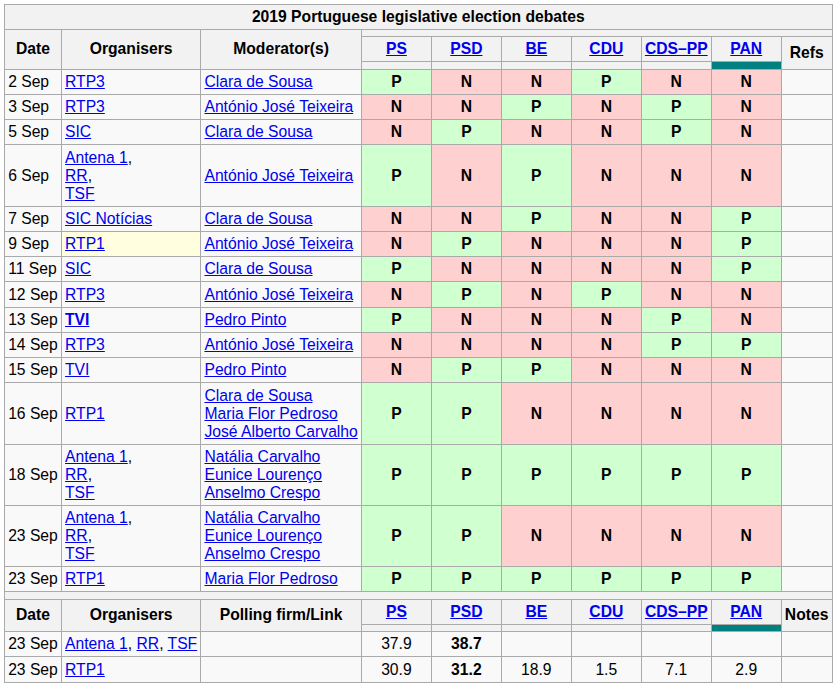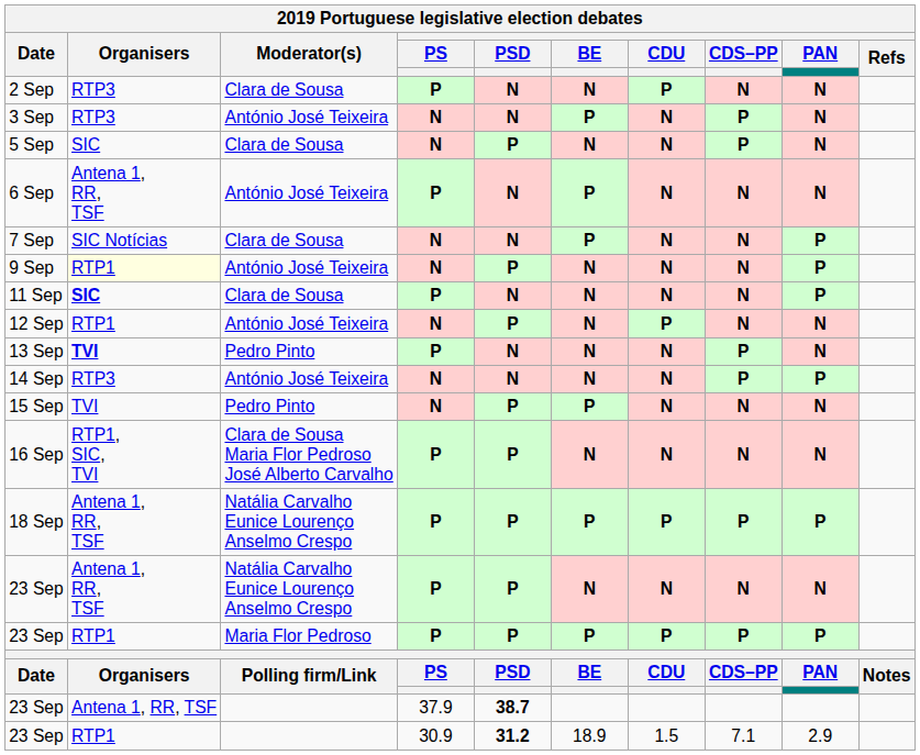 <table class="wikitable" style="font-size:98%; text-align:center;">
 <tr>
 <th colspan="22">2019 Portuguese legislative election debates</th>
 </tr>
 <tr>
 <th rowspan="3">Date</th>
 <th rowspan="3">Organisers</th>
 <th rowspan="3">Moderator(s)</th>
 <th colspan="19">      </th>
 </tr>
 <tr>
 <th scope="col" style="width:4em;"><a href='#'>PS</a><br></th>
 <th scope="col" style="width:4em;"><a href='#'>PSD</a><br></th>
 <th scope="col" style="width:4em;"><a href='#'>BE</a><br></th>
 <th scope="col" style="width:4em;"><a href='#'>CDU</a><br></th>
 <th scope="col" style="width:4em;"><a href='#'>CDS–PP</a><br></th>
 <th scope="col" style="width:4em;"><a href='#'>PAN</a><br></th>
 <th rowspan="2">Refs</th>
 </tr>
 <tr>
 <th style="background:"></th>
 <th style="background:"></th>
 <th style="background:"></th>
 <th style="background:"></th>
 <th style="background:"></th>
 <th style="background:Teal;"></th>
 </tr>
 <tr>
 <td style="white-space:nowrap; text-align:left;">2 Sep</td>
 <td style="white-space:nowrap; text-align:left;"><a href='#'>RTP3</a></td>
 <td style="white-space:nowrap; text-align:left;"><a href='#'>Clara de Sousa</a></td>
 <td style="background:#D0FFD0;"><strong>P</strong></td>
 <td style="background:#FFD0D0;"><strong>N</strong></td>
 <td style="background:#FFD0D0;"><strong>N</strong></td>
 <td style="background:#D0FFD0;"><strong>P</strong></td>
 <td style="background:#FFD0D0;"><strong>N</strong></td>
 <td style="background:#FFD0D0;"><strong>N</strong></td>
 <td></td>
 </tr>
 <tr>
 <td style="white-space:nowrap; text-align:left;">3 Sep</td>
 <td style="white-space:nowrap; text-align:left;"><a href='#'>RTP3</a></td>
 <td style="white-space:nowrap; text-align:left;"><a href='#'>António José Teixeira</a></td>
 <td style="background:#FFD0D0;"><strong>N</strong></td>
 <td style="background:#FFD0D0;"><strong>N</strong></td>
 <td style="background:#D0FFD0;"><strong>P</strong></td>
 <td style="background:#FFD0D0;"><strong>N</strong></td>
 <td style="background:#D0FFD0;"><strong>P</strong></td>
 <td style="background:#FFD0D0;"><strong>N</strong></td>
 <td></td>
 </tr>
 <tr>
 <td style="white-space:nowrap; text-align:left;">5 Sep</td>
 <td style="white-space:nowrap; text-align:left;"><a href='#'>SIC</a></td>
 <td style="white-space:nowrap; text-align:left;"><a href='#'>Clara de Sousa</a></td>
 <td style="background:#FFD0D0;"><strong>N</strong></td>
 <td style="background:#D0FFD0;"><strong>P</strong></td>
 <td style="background:#FFD0D0;"><strong>N</strong></td>
 <td style="background:#FFD0D0;"><strong>N</strong></td>
 <td style="background:#D0FFD0;"><strong>P</strong></td>
 <td style="background:#FFD0D0;"><strong>N</strong></td>
 <td></td>
 </tr>
 <tr>
 <td style="white-space:nowrap; text-align:left;">6 Sep</td>
 <td style="white-space:nowrap; text-align:left;"><a href='#'>Antena 1</a>,<br><a href='#'>RR</a>,<br><a href='#'>TSF</a></td>
 <td style="white-space:nowrap; text-align:left;"><a href='#'>António José Teixeira</a></td>
 <td style="background:#D0FFD0;"><strong>P</strong></td>
 <td style="background:#FFD0D0;"><strong>N</strong></td>
 <td style="background:#D0FFD0;"><strong>P</strong></td>
 <td style="background:#FFD0D0;"><strong>N</strong></td>
 <td style="background:#FFD0D0;"><strong>N</strong></td>
 <td style="background:#FFD0D0;"><strong>N</strong></td>
 <td></td>
 </tr>
 <tr>
 <td style="white-space:nowrap; text-align:left;">7 Sep</td>
 <td style="white-space:nowrap; text-align:left;"><a href='#'>SIC Notícias</a></td>
 <td style="white-space:nowrap; text-align:left;"><a href='#'>Clara de Sousa</a></td>
 <td style="background:#FFD0D0;"><strong>N</strong></td>
 <td style="background:#FFD0D0;"><strong>N</strong></td>
 <td style="background:#D0FFD0;"><strong>P</strong></td>
 <td style="background:#FFD0D0;"><strong>N</strong></td>
 <td style="background:#FFD0D0;"><strong>N</strong></td>
 <td style="background:#D0FFD0;"><strong>P</strong></td>
 <td></td>
 </tr>
 <tr>
 <td style="white-space:nowrap; text-align:left;">9 Sep</td>
 <td style="background: lightyellow; white-space:nowrap; text-align:left;"><a href='#'>RTP1</a></td>
 <td style="white-space:nowrap; text-align:left;"><a href='#'>António José Teixeira</a></td>
 <td style="background:#FFD0D0;"><strong>N</strong></td>
 <td style="background:#D0FFD0;"><strong>P</strong></td>
 <td style="background:#FFD0D0;"><strong>N</strong></td>
 <td style="background:#FFD0D0;"><strong>N</strong></td>
 <td style="background:#FFD0D0;"><strong>N</strong></td>
 <td style="background:#D0FFD0;"><strong>P</strong></td>
 <td></td>
 </tr>
 <tr>
 <td style="white-space:nowrap; text-align:left;">11 Sep</td>
-<td style="white-space:nowrap; text-align:left;"><a href='#'>SIC</a></td>
+<td style="white-space:nowrap; text-align:left;"><strong><a href='#'>SIC</a></strong></td>
 <td style="white-space:nowrap; text-align:left;"><a href='#'>Clara de Sousa</a></td>
 <td style="background:#D0FFD0;"><strong>P</strong></td>
 <td style="background:#FFD0D0;"><strong>N</strong></td>
 <td style="background:#FFD0D0;"><strong>N</strong></td>
 <td style="background:#FFD0D0;"><strong>N</strong></td>
 <td style="background:#FFD0D0;"><strong>N</strong></td>
 <td style="background:#D0FFD0;"><strong>P</strong></td>
 <td></td>
 </tr>
 <tr>
 <td style="white-space:nowrap; text-align:left;">12 Sep</td>
-<td style="white-space:nowrap; text-align:left;"><a href='#'>RTP3</a></td>
+<td style="white-space:nowrap; text-align:left;"><a href='#'>RTP1</a></td>
 <td style="white-space:nowrap; text-align:left;"><a href='#'>António José Teixeira</a></td>
 <td style="background:#FFD0D0;"><strong>N</strong></td>
 <td style="background:#D0FFD0;"><strong>P</strong></td>
 <td style="background:#FFD0D0;"><strong>N</strong></td>
 <td style="background:#D0FFD0;"><strong>P</strong></td>
 <td style="background:#FFD0D0;"><strong>N</strong></td>
 <td style="background:#FFD0D0;"><strong>N</strong></td>
 <td></td>
 </tr>
 <tr>
 <td style="white-space:nowrap; text-align:left;">13 Sep</td>
 <td style="white-space:nowrap; text-align:left;"><strong><a href='#'>TVI</a></strong></td>
 <td style="white-space:nowrap; text-align:left;"><a href='#'>Pedro Pinto</a></td>
 <td style="background:#D0FFD0;"><strong>P</strong></td>
 <td style="background:#FFD0D0;"><strong>N</strong></td>
 <td style="background:#FFD0D0;"><strong>N</strong></td>
 <td style="background:#FFD0D0;"><strong>N</strong></td>
 <td style="background:#D0FFD0;"><strong>P</strong></td>
 <td style="background:#FFD0D0;"><strong>N</strong></td>
 <td></td>
 </tr>
 <tr>
 <td style="white-space:nowrap; text-align:left;">14 Sep</td>
 <td style="white-space:nowrap; text-align:left;"><a href='#'>RTP3</a></td>
 <td style="white-space:nowrap; text-align:left;"><a href='#'>António José Teixeira</a></td>
 <td style="background:#FFD0D0;"><strong>N</strong></td>
 <td style="background:#FFD0D0;"><strong>N</strong></td>
 <td style="background:#FFD0D0;"><strong>N</strong></td>
 <td style="background:#FFD0D0;"><strong>N</strong></td>
 <td style="background:#D0FFD0;"><strong>P</strong></td>
 <td style="background:#D0FFD0;"><strong>P</strong></td>
 <td></td>
 </tr>
 <tr>
 <td style="white-space:nowrap; text-align:left;">15 Sep</td>
 <td style="white-space:nowrap; text-align:left;"><a href='#'>TVI</a></td>
 <td style="white-space:nowrap; text-align:left;"><a href='#'>Pedro Pinto</a></td>
 <td style="background:#FFD0D0;"><strong>N</strong></td>
 <td style="background:#D0FFD0;"><strong>P</strong></td>
 <td style="background:#D0FFD0;"><strong>P</strong></td>
 <td style="background:#FFD0D0;"><strong>N</strong></td>
 <td style="background:#FFD0D0;"><strong>N</strong></td>
 <td style="background:#FFD0D0;"><strong>N</strong></td>
 <td></td>
 </tr>
 <tr>
 <td style="white-space:nowrap; text-align:left;">16 Sep</td>
-<td style="white-space:nowrap; text-align:left;"><a href='#'>RTP1</a></td>
+<td style="white-space:nowrap; text-align:left;"><a href='#'>RTP1</a>,<br><a href='#'>SIC</a>,<br><a href='#'>TVI</a></td>
 <td style="white-space:nowrap; text-align:left;"><a href='#'>Clara de Sousa</a><br><a href='#'>Maria Flor Pedroso</a><br><a href='#'>José Alberto Carvalho</a></td>
 <td style="background:#D0FFD0;"><strong>P</strong></td>
 <td style="background:#D0FFD0;"><strong>P</strong></td>
 <td style="background:#FFD0D0;"><strong>N</strong></td>
 <td style="background:#FFD0D0;"><strong>N</strong></td>
 <td style="background:#FFD0D0;"><strong>N</strong></td>
 <td style="background:#FFD0D0;"><strong>N</strong></td>
 <td></td>
 </tr>
 <tr>
 <td style="white-space:nowrap; text-align:left;">18 Sep</td>
 <td style="white-space:nowrap; text-align:left;"><a href='#'>Antena 1</a>,<br><a href='#'>RR</a>,<br><a href='#'>TSF</a></td>
 <td style="white-space:nowrap; text-align:left;"><a href='#'>Natália Carvalho</a><br><a href='#'>Eunice Lourenço</a><br><a href='#'>Anselmo Crespo</a></td>
 <td style="background:#D0FFD0;"><strong>P</strong></td>
 <td style="background:#D0FFD0;"><strong>P</strong></td>
 <td style="background:#D0FFD0;"><strong>P</strong></td>
 <td style="background:#D0FFD0;"><strong>P</strong></td>
 <td style="background:#D0FFD0;"><strong>P</strong></td>
 <td style="background:#D0FFD0;"><strong>P</strong></td>
 <td></td>
 </tr>
 <tr>
 <td style="white-space:nowrap; text-align:left;">23 Sep</td>
 <td style="white-space:nowrap; text-align:left;"><a href='#'>Antena 1</a>,<br><a href='#'>RR</a>,<br><a href='#'>TSF</a></td>
 <td style="white-space:nowrap; text-align:left;"><a href='#'>Natália Carvalho</a><br><a href='#'>Eunice Lourenço</a><br><a href='#'>Anselmo Crespo</a></td>
 <td style="background:#D0FFD0;"><strong>P</strong></td>
 <td style="background:#D0FFD0;"><strong>P</strong></td>
 <td style="background:#FFD0D0;"><strong>N</strong></td>
 <td style="background:#FFD0D0;"><strong>N</strong></td>
 <td style="background:#FFD0D0;"><strong>N</strong></td>
 <td style="background:#FFD0D0;"><strong>N</strong></td>
 <td></td>
 </tr>
 <tr>
 <td style="white-space:nowrap; text-align:left;">23 Sep</td>
 <td style="white-space:nowrap; text-align:left;"><a href='#'>RTP1</a></td>
 <td style="white-space:nowrap; text-align:left;"><a href='#'>Maria Flor Pedroso</a></td>
 <td style="background:#D0FFD0;"><strong>P</strong></td>
 <td style="background:#D0FFD0;"><strong>P</strong></td>
 <td style="background:#D0FFD0;"><strong>P</strong></td>
 <td style="background:#D0FFD0;"><strong>P</strong></td>
 <td style="background:#D0FFD0;"><strong>P</strong></td>
 <td style="background:#D0FFD0;"><strong>P</strong></td>
 <td></td>
 </tr>
 <tr>
 <th colspan="10"></th>
 </tr>
 <tr>
 <th rowspan="3">Date</th>
 <th rowspan="3">Organisers</th>
 <th rowspan="3">Polling firm/Link</th>
 </tr>
 <tr>
 <th scope="col" style="width:4em;"><a href='#'>PS</a></th>
 <th scope="col" style="width:4em;"><a href='#'>PSD</a></th>
 <th scope="col" style="width:4em;"><a href='#'>BE</a></th>
 <th scope="col" style="width:4em;"><a href='#'>CDU</a></th>
 <th scope="col" style="width:4em;"><a href='#'>CDS–PP</a></th>
 <th scope="col" style="width:4em;"><a href='#'>PAN</a></th>
 <th rowspan="2">Notes</th>
 </tr>
 <tr>
 <th style="background:"></th>
 <th style="background:"></th>
 <th style="background:"></th>
 <th style="background:"></th>
 <th style="background:"></th>
 <th style="background:Teal;"></th>
 </tr>
 <tr>
 <td style="white-space:nowrap; text-align:left;">23 Sep</td>
 <td style="white-space:nowrap; text-align:left;"><a href='#'>Antena 1</a>, <a href='#'>RR</a>, <a href='#'>TSF</a></td>
 <td></td>
 <td>37.9</td>
 <td><strong>38.7</strong></td>
 <td></td>
 <td></td>
 <td></td>
 <td></td>
 <td></td>
 </tr>
 <tr>
 <td style="white-space:nowrap; text-align:left;">23 Sep</td>
 <td style="white-space:nowrap; text-align:left;"><a href='#'>RTP1</a></td>
 <td></td>
 <td>30.9</td>
 <td><strong>31.2</strong></td>
 <td>18.9</td>
 <td>1.5</td>
 <td>7.1</td>
 <td>2.9</td>
 <td></td>
 </tr>
 </table>
